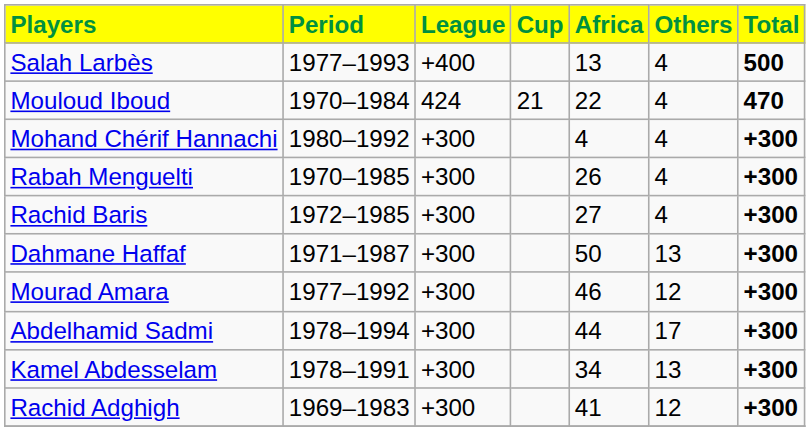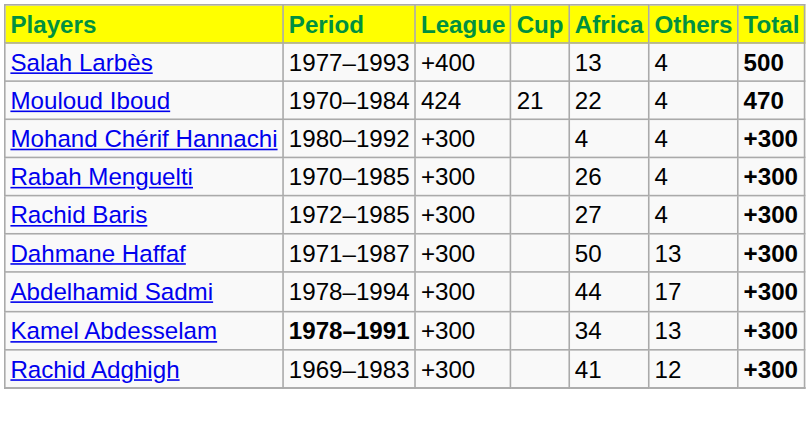 <table class="wikitable" style="font-size:95%;">
 <tr style="color:#009040; background:#FFFF00; align:center;">
 <td><strong>Players</strong></td>
 <td><strong>Period</strong></td>
 <td><strong>League</strong></td>
 <td><strong>Cup</strong></td>
 <td><strong>Africa</strong></td>
 <td><strong>Others</strong></td>
 <td><strong>Total</strong></td>
 </tr>
 <tr ---->
 <td> <a href='#'>Salah Larbès</a></td>
 <td>1977–1993</td>
 <td>+400</td>
 <td></td>
 <td>13</td>
 <td>4</td>
 <td><strong>500</strong></td>
 </tr>
 <tr ---->
 <td> <a href='#'>Mouloud Iboud</a></td>
 <td>1970–1984</td>
 <td>424</td>
 <td>21</td>
 <td>22</td>
 <td>4</td>
 <td><strong>470</strong></td>
 </tr>
 <tr ---->
 <td> <a href='#'>Mohand Chérif Hannachi</a></td>
 <td>1980–1992</td>
 <td>+300</td>
 <td></td>
 <td>4</td>
 <td>4</td>
 <td><strong>+300</strong></td>
 </tr>
 <tr ---->
 <td> <a href='#'>Rabah Menguelti</a></td>
 <td>1970–1985</td>
 <td>+300</td>
 <td></td>
 <td>26</td>
 <td>4</td>
 <td><strong>+300</strong></td>
 </tr>
 <tr ---->
 <td> <a href='#'>Rachid Baris</a></td>
 <td>1972–1985</td>
 <td>+300</td>
 <td></td>
 <td>27</td>
 <td>4</td>
 <td><strong>+300</strong></td>
 </tr>
 <tr ---->
 <td> <a href='#'>Dahmane Haffaf</a></td>
 <td>1971–1987</td>
 <td>+300</td>
 <td></td>
 <td>50</td>
 <td>13</td>
 <td><strong>+300</strong></td>
 </tr>
 <tr ---->
-<td> <a href='#'>Mourad Amara</a></td>
-<td>1977–1992</td>
-<td>+300</td>
-<td></td>
-<td>46</td>
-<td>12</td>
-<td><strong>+300</strong></td>
-</tr>
-<tr ---->
 <td> <a href='#'>Abdelhamid Sadmi</a></td>
 <td>1978–1994</td>
 <td>+300</td>
 <td></td>
 <td>44</td>
 <td>17</td>
 <td><strong>+300</strong></td>
 </tr>
 <tr ---->
 <td> <a href='#'>Kamel Abdesselam</a></td>
-<td>1978–1991</td>
+<td><strong>1978–1991</strong></td>
 <td>+300</td>
 <td></td>
 <td>34</td>
 <td>13</td>
 <td><strong>+300</strong></td>
 </tr>
 <tr ---->
 <td> <a href='#'>Rachid Adghigh</a></td>
 <td>1969–1983</td>
 <td>+300</td>
 <td></td>
 <td>41</td>
 <td>12</td>
 <td><strong>+300</strong></td>
 </tr>
 <tr ---->
 </tr>
 <tr ---->
 </tr>
 </table>
